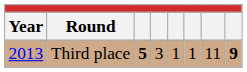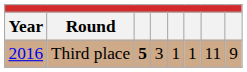 <table class="wikitable" style="text-align:center">
 <tr>
 <th colspan=8 style="background: #D22B2B; color: #FFFFFF;"><a href='#'></a></th>
 </tr>
 <tr>
 <th>Year</th>
 <th>Round</th>
 <th></th>
 <th></th>
 <th></th>
 <th></th>
 <th></th>
 <th></th>
 </tr>
 <tr style="background:#cfaa88;">
-<td> <a href='#'>2013</a></td>
+<td> <a href='#'>2016</a></td>
 <td>Third place</td>
 <td><strong>5</strong></td>
 <td>3</td>
 <td>1</td>
 <td>1</td>
 <td>11</td>
-<td><strong>9</strong></td>
+<td>9</td>
 </tr>
 </table>
